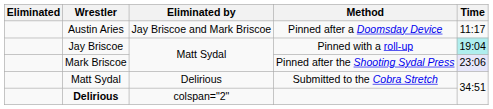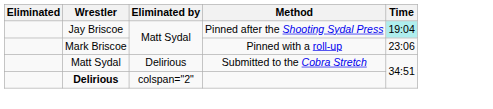 <table class="wikitable sortable" style="text-align:center;">
 <tr>
 <th>Eliminated</th>
 <th>Wrestler</th>
 <th>Eliminated by</th>
 <th>Method</th>
 <th>Time</th>
 </tr>
 <tr>
 <td></td>
-<td>Austin Aries</td>
-<td>Jay Briscoe and Mark Briscoe</td>
-<td>Pinned after a <em><a href='#'>Doomsday Device</a></em></td>
-<td>11:17</td>
-</tr>
-<tr>
-<td></td>
 <td>Jay Briscoe</td>
 <td rowspan=2>Matt Sydal</td>
-<td>Pinned with a <a href='#'>roll-up</a></td>
+<td>Pinned after the <em><a href='#'>Shooting Sydal Press</a></em></td>
 <td style="background: paleturquoise;">19:04</td>
 </tr>
 <tr>
 <td></td>
 <td>Mark Briscoe</td>
-<td>Pinned after the <em><a href='#'>Shooting Sydal Press</a></em></td>
-<td style="background: lavender;">23:06</td>
+<td>Pinned with a <a href='#'>roll-up</a></td>
+<td>23:06</td>
 </tr>
 <tr>
 <td></td>
 <td>Matt Sydal</td>
 <td>Delirious</td>
 <td>Submitted to the <em><a href='#'>Cobra Stretch</a></em></td>
 <td rowspan=2>34:51</td>
 </tr>
 <tr>
 <td></td>
 <td><strong>Delirious</strong></td>
 <td>colspan="2" </td>
 </tr>
 </table>
